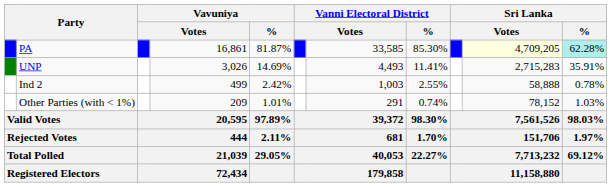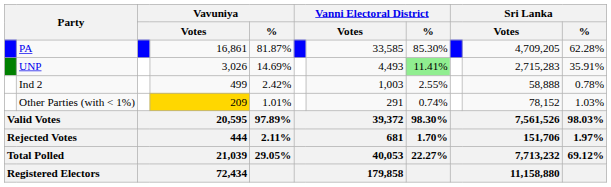 <table class="wikitable">
 <tr>
 <th colspan="2" width="144px"rowspan="2">Party</th>
 <th colspan="3" width="216px">Vavuniya</th>
 <th colspan="3" width="216px"><a href='#'>Vanni Electoral District</a></th>
 <th colspan="3" width="216px">Sri Lanka</th>
 </tr>
 <tr>
 <th colspan="2" width="144px">Votes</th>
 <th>%</th>
 <th colspan="2" width="144px">Votes</th>
 <th>%</th>
 <th colspan="2" width="144px">Votes</th>
 <th>%</th>
 </tr>
 <tr>
 <td style="background-color:blue;" width="10px"></td>
 <td style="text-align:left;"><a href='#'>PA</a></td>
 <td style="background-color:blue;" width="10px"></td>
 <td style="text-align:right;">16,861</td>
 <td style="text-align:right;">81.87%</td>
 <td style="background-color:blue;" width="10px"></td>
 <td style="text-align:right;">33,585</td>
 <td style="text-align:right;">85.30%</td>
 <td style="background-color:blue;" width="10px"></td>
-<td style="background: lightyellow; text-align:right;">4,709,205</td>
-<td style="background: paleturquoise; text-align:right;">62.28%</td>
+<td style="text-align:right;">4,709,205</td>
+<td style="text-align:right;">62.28%</td>
 </tr>
 <tr>
 <td style="background-color:green;" width="10px"></td>
 <td style="text-align:left;"><a href='#'>UNP</a></td>
 <td style="background-color:white;" width="10px"></td>
 <td style="text-align:right;">3,026</td>
 <td style="text-align:right;">14.69%</td>
 <td style="background-color:white;" width="10px"></td>
 <td style="text-align:right;">4,493</td>
-<td style="text-align:right;">11.41%</td>
+<td style="background: lightgreen; text-align:right;">11.41%</td>
 <td style="background-color:white;" width="10px"></td>
 <td style="text-align:right;">2,715,283</td>
 <td style="text-align:right;">35.91%</td>
 </tr>
 <tr>
 <td style="background-color:white;" width="10px"></td>
 <td style="text-align:left;">Ind 2</td>
 <td style="background-color:white;" width="10px"></td>
 <td style="text-align:right;">499</td>
 <td style="text-align:right;">2.42%</td>
 <td style="background-color:white;" width="10px"></td>
 <td style="text-align:right;">1,003</td>
 <td style="text-align:right;">2.55%</td>
 <td style="background-color:white;" width="10px"></td>
 <td style="text-align:right;">58,888</td>
 <td style="text-align:right;">0.78%</td>
 </tr>
 <tr>
 <td style="background-color:white;" width="10px"></td>
 <td style="text-align:left;">Other Parties (with < 1%)</td>
 <td style="background-color:white;" width="10px"></td>
-<td style="text-align:right;">209</td>
+<td style="background: gold; text-align:right;">209</td>
 <td style="text-align:right;">1.01%</td>
 <td style="background-color:white;" width="10px"></td>
 <td style="text-align:right;">291</td>
 <td style="text-align:right;">0.74%</td>
 <td style="background-color:white;" width="10px"></td>
 <td style="text-align:right;">78,152</td>
 <td style="text-align:right;">1.03%</td>
 </tr>
 <tr>
 <th colspan="2" width="144px"style="text-align:left;">Valid Votes</th>
 <th style="text-align:right;"colspan="2" width="144px">20,595</th>
 <th style="text-align:right;">97.89%</th>
 <th style="text-align:right;"colspan="2" width="144px">39,372</th>
 <th style="text-align:right;">98.30%</th>
 <th style="text-align:right;"colspan="2" width="144px">7,561,526</th>
 <th style="text-align:right;">98.03%</th>
 </tr>
 <tr>
 <th colspan="2" width="144px"style="text-align:left;">Rejected Votes</th>
 <th style="text-align:right;"colspan="2" width="144px">444</th>
 <th style="text-align:right;">2.11%</th>
 <th style="text-align:right;"colspan="2" width="144px">681</th>
 <th style="text-align:right;">1.70%</th>
 <th style="text-align:right;"colspan="2" width="144px">151,706</th>
 <th style="text-align:right;">1.97%</th>
 </tr>
 <tr>
 <th colspan="2" width="144px"style="text-align:left;">Total Polled</th>
 <th style="text-align:right;"colspan="2" width="144px">21,039</th>
 <th style="text-align:right;">29.05%</th>
 <th style="text-align:right;"colspan="2" width="144px">40,053</th>
 <th style="text-align:right;">22.27%</th>
 <th style="text-align:right;"colspan="2" width="144px">7,713,232</th>
 <th style="text-align:right;">69.12%</th>
 </tr>
 <tr>
 <th colspan="2" width="144px"style="text-align:left;">Registered Electors</th>
 <th style="text-align:right;"colspan="2" width="144px">72,434</th>
 <th></th>
 <th style="text-align:right;"colspan="2" width="144px">179,858</th>
 <th></th>
 <th style="text-align:right;"colspan="2" width="144px">11,158,880</th>
 <th></th>
 </tr>
 </table>
